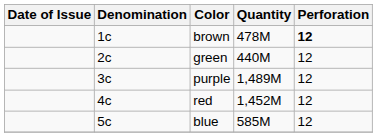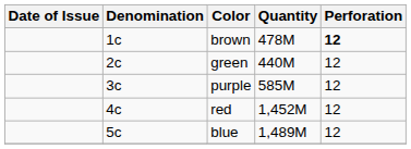 <table class="wikitable">
 <tr>
 <th>Date of Issue</th>
 <th>Denomination</th>
 <th>Color</th>
 <th>Quantity</th>
 <th>Perforation</th>
 </tr>
 <tr>
 <td></td>
 <td>1c</td>
 <td>brown</td>
 <td>478M</td>
 <td><strong>12</strong></td>
 </tr>
 <tr>
 <td></td>
 <td>2c</td>
 <td>green</td>
 <td>440M</td>
 <td>12</td>
 </tr>
 <tr>
 <td></td>
 <td>3c</td>
 <td>purple</td>
-<td>1,489M</td>
+<td>585M</td>
 <td>12</td>
 </tr>
 <tr>
 <td></td>
 <td>4c</td>
 <td>red</td>
 <td>1,452M</td>
 <td>12</td>
 </tr>
 <tr>
 <td></td>
 <td>5c</td>
 <td>blue</td>
-<td>585M</td>
+<td>1,489M</td>
 <td>12</td>
 </tr>
 <tr>
 </tr>
 </table>
